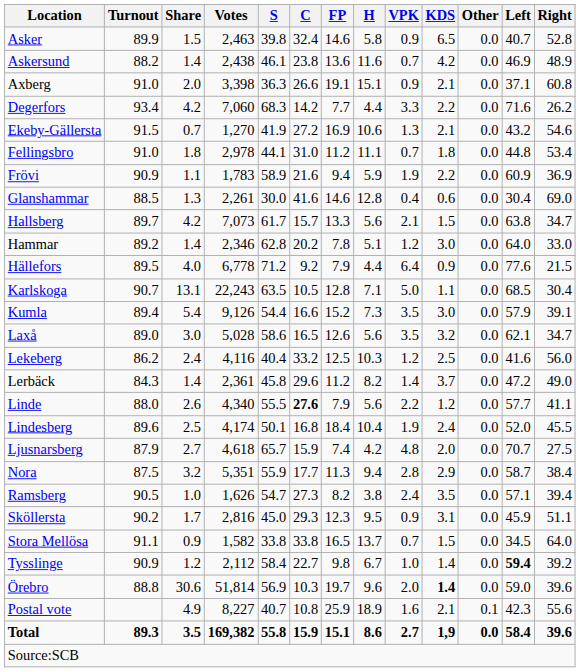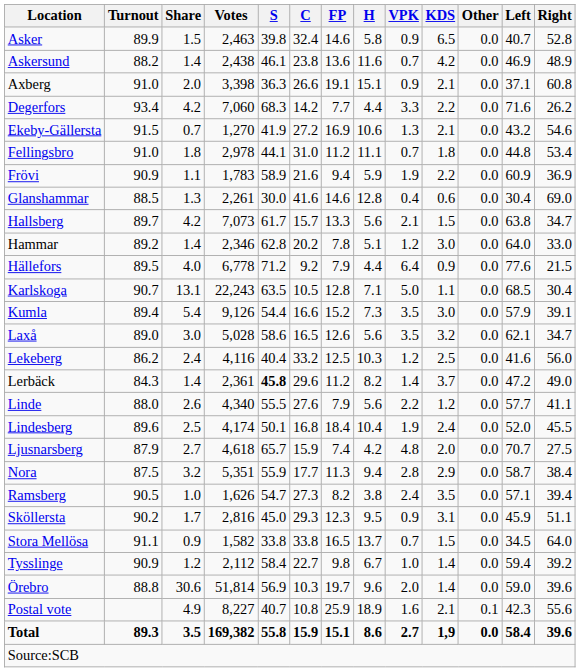 <table class="wikitable sortable" style=text-align:right>
 <tr>
 <th>Location</th>
 <th>Turnout</th>
 <th>Share</th>
 <th>Votes</th>
 <th><a href='#'>S</a></th>
 <th><a href='#'>C</a></th>
 <th><a href='#'>FP</a></th>
 <th><a href='#'>H</a></th>
 <th><a href='#'>VPK</a></th>
 <th><a href='#'>KDS</a></th>
 <th>Other</th>
 <th>Left</th>
 <th>Right</th>
 </tr>
 <tr>
 <td align=left><a href='#'>Asker</a></td>
 <td>89.9</td>
 <td>1.5</td>
 <td>2,463</td>
 <td>39.8</td>
 <td>32.4</td>
 <td>14.6</td>
 <td>5.8</td>
 <td>0.9</td>
 <td>6.5</td>
 <td>0.0</td>
 <td>40.7</td>
 <td>52.8</td>
 </tr>
 <tr>
 <td align=left><a href='#'>Askersund</a></td>
 <td>88.2</td>
 <td>1.4</td>
 <td>2,438</td>
 <td>46.1</td>
 <td>23.8</td>
 <td>13.6</td>
 <td>11.6</td>
 <td>0.7</td>
 <td>4.2</td>
 <td>0.0</td>
 <td>46.9</td>
 <td>48.9</td>
 </tr>
 <tr>
 <td align=left>Axberg</td>
 <td>91.0</td>
 <td>2.0</td>
 <td>3,398</td>
 <td>36.3</td>
 <td>26.6</td>
 <td>19.1</td>
 <td>15.1</td>
 <td>0.9</td>
 <td>2.1</td>
 <td>0.0</td>
 <td>37.1</td>
 <td>60.8</td>
 </tr>
 <tr>
 <td align=left><a href='#'>Degerfors</a></td>
 <td>93.4</td>
 <td>4.2</td>
 <td>7,060</td>
 <td>68.3</td>
 <td>14.2</td>
 <td>7.7</td>
 <td>4.4</td>
 <td>3.3</td>
 <td>2.2</td>
 <td>0.0</td>
 <td>71.6</td>
 <td>26.2</td>
 </tr>
 <tr>
 <td align=left><a href='#'>Ekeby-Gällersta</a></td>
 <td>91.5</td>
 <td>0.7</td>
 <td>1,270</td>
 <td>41.9</td>
 <td>27.2</td>
 <td>16.9</td>
 <td>10.6</td>
 <td>1.3</td>
 <td>2.1</td>
 <td>0.0</td>
 <td>43.2</td>
 <td>54.6</td>
 </tr>
 <tr>
 <td align=left><a href='#'>Fellingsbro</a></td>
 <td>91.0</td>
 <td>1.8</td>
 <td>2,978</td>
 <td>44.1</td>
 <td>31.0</td>
 <td>11.2</td>
 <td>11.1</td>
 <td>0.7</td>
 <td>1.8</td>
 <td>0.0</td>
 <td>44.8</td>
 <td>53.4</td>
 </tr>
 <tr>
 <td align=left><a href='#'>Frövi</a></td>
 <td>90.9</td>
 <td>1.1</td>
 <td>1,783</td>
 <td>58.9</td>
 <td>21.6</td>
 <td>9.4</td>
 <td>5.9</td>
 <td>1.9</td>
 <td>2.2</td>
 <td>0.0</td>
 <td>60.9</td>
 <td>36.9</td>
 </tr>
 <tr>
 <td align=left><a href='#'>Glanshammar</a></td>
 <td>88.5</td>
 <td>1.3</td>
 <td>2,261</td>
 <td>30.0</td>
 <td>41.6</td>
 <td>14.6</td>
 <td>12.8</td>
 <td>0.4</td>
 <td>0.6</td>
 <td>0.0</td>
 <td>30.4</td>
 <td>69.0</td>
 </tr>
 <tr>
 <td align=left><a href='#'>Hallsberg</a></td>
 <td>89.7</td>
 <td>4.2</td>
 <td>7,073</td>
 <td>61.7</td>
 <td>15.7</td>
 <td>13.3</td>
 <td>5.6</td>
 <td>2.1</td>
 <td>1.5</td>
 <td>0.0</td>
 <td>63.8</td>
 <td>34.7</td>
 </tr>
 <tr>
 <td align=left>Hammar</td>
 <td>89.2</td>
 <td>1.4</td>
 <td>2,346</td>
 <td>62.8</td>
 <td>20.2</td>
 <td>7.8</td>
 <td>5.1</td>
 <td>1.2</td>
 <td>3.0</td>
 <td>0.0</td>
 <td>64.0</td>
 <td>33.0</td>
 </tr>
 <tr>
 <td align=left><a href='#'>Hällefors</a></td>
 <td>89.5</td>
 <td>4.0</td>
 <td>6,778</td>
 <td>71.2</td>
 <td>9.2</td>
 <td>7.9</td>
 <td>4.4</td>
 <td>6.4</td>
 <td>0.9</td>
 <td>0.0</td>
 <td>77.6</td>
 <td>21.5</td>
 </tr>
 <tr>
 <td align=left><a href='#'>Karlskoga</a></td>
 <td>90.7</td>
 <td>13.1</td>
 <td>22,243</td>
 <td>63.5</td>
 <td>10.5</td>
 <td>12.8</td>
 <td>7.1</td>
 <td>5.0</td>
 <td>1.1</td>
 <td>0.0</td>
 <td>68.5</td>
 <td>30.4</td>
 </tr>
 <tr>
 <td align=left><a href='#'>Kumla</a></td>
 <td>89.4</td>
 <td>5.4</td>
 <td>9,126</td>
 <td>54.4</td>
 <td>16.6</td>
 <td>15.2</td>
 <td>7.3</td>
 <td>3.5</td>
 <td>3.0</td>
 <td>0.0</td>
 <td>57.9</td>
 <td>39.1</td>
 </tr>
 <tr>
 <td align=left><a href='#'>Laxå</a></td>
 <td>89.0</td>
 <td>3.0</td>
 <td>5,028</td>
 <td>58.6</td>
 <td>16.5</td>
 <td>12.6</td>
 <td>5.6</td>
 <td>3.5</td>
 <td>3.2</td>
 <td>0.0</td>
 <td>62.1</td>
 <td>34.7</td>
 </tr>
 <tr>
 <td align=left><a href='#'>Lekeberg</a></td>
 <td>86.2</td>
 <td>2.4</td>
 <td>4,116</td>
 <td>40.4</td>
 <td>33.2</td>
 <td>12.5</td>
 <td>10.3</td>
 <td>1.2</td>
 <td>2.5</td>
 <td>0.0</td>
 <td>41.6</td>
 <td>56.0</td>
 </tr>
 <tr>
 <td align=left>Lerbäck</td>
 <td>84.3</td>
 <td>1.4</td>
 <td>2,361</td>
-<td>45.8</td>
+<td><strong>45.8</strong></td>
 <td>29.6</td>
 <td>11.2</td>
 <td>8.2</td>
 <td>1.4</td>
 <td>3.7</td>
 <td>0.0</td>
 <td>47.2</td>
 <td>49.0</td>
 </tr>
 <tr>
 <td align=left><a href='#'>Linde</a></td>
 <td>88.0</td>
 <td>2.6</td>
 <td>4,340</td>
 <td>55.5</td>
-<td><strong>27.6</strong></td>
+<td>27.6</td>
 <td>7.9</td>
 <td>5.6</td>
 <td>2.2</td>
 <td>1.2</td>
 <td>0.0</td>
 <td>57.7</td>
 <td>41.1</td>
 </tr>
 <tr>
 <td align=left><a href='#'>Lindesberg</a></td>
 <td>89.6</td>
 <td>2.5</td>
 <td>4,174</td>
 <td>50.1</td>
 <td>16.8</td>
 <td>18.4</td>
 <td>10.4</td>
 <td>1.9</td>
 <td>2.4</td>
 <td>0.0</td>
 <td>52.0</td>
 <td>45.5</td>
 </tr>
 <tr>
 <td align=left><a href='#'>Ljusnarsberg</a></td>
 <td>87.9</td>
 <td>2.7</td>
 <td>4,618</td>
 <td>65.7</td>
 <td>15.9</td>
 <td>7.4</td>
 <td>4.2</td>
 <td>4.8</td>
 <td>2.0</td>
 <td>0.0</td>
 <td>70.7</td>
 <td>27.5</td>
 </tr>
 <tr>
 <td align=left><a href='#'>Nora</a></td>
 <td>87.5</td>
 <td>3.2</td>
 <td>5,351</td>
 <td>55.9</td>
 <td>17.7</td>
 <td>11.3</td>
 <td>9.4</td>
 <td>2.8</td>
 <td>2.9</td>
 <td>0.0</td>
 <td>58.7</td>
 <td>38.4</td>
 </tr>
 <tr>
 <td align=left><a href='#'>Ramsberg</a></td>
 <td>90.5</td>
 <td>1.0</td>
 <td>1,626</td>
 <td>54.7</td>
 <td>27.3</td>
 <td>8.2</td>
 <td>3.8</td>
 <td>2.4</td>
 <td>3.5</td>
 <td>0.0</td>
 <td>57.1</td>
 <td>39.4</td>
 </tr>
 <tr>
 <td align=left><a href='#'>Sköllersta</a></td>
 <td>90.2</td>
 <td>1.7</td>
 <td>2,816</td>
 <td>45.0</td>
 <td>29.3</td>
 <td>12.3</td>
 <td>9.5</td>
 <td>0.9</td>
 <td>3.1</td>
 <td>0.0</td>
 <td>45.9</td>
 <td>51.1</td>
 </tr>
 <tr>
 <td align=left><a href='#'>Stora Mellösa</a></td>
 <td>91.1</td>
 <td>0.9</td>
 <td>1,582</td>
 <td>33.8</td>
 <td>33.8</td>
 <td>16.5</td>
 <td>13.7</td>
 <td>0.7</td>
 <td>1.5</td>
 <td>0.0</td>
 <td>34.5</td>
 <td>64.0</td>
 </tr>
 <tr>
 <td align=left><a href='#'>Tysslinge</a></td>
 <td>90.9</td>
 <td>1.2</td>
 <td>2,112</td>
 <td>58.4</td>
 <td>22.7</td>
 <td>9.8</td>
 <td>6.7</td>
 <td>1.0</td>
 <td>1.4</td>
 <td>0.0</td>
-<td><strong>59.4</strong></td>
+<td>59.4</td>
 <td>39.2</td>
 </tr>
 <tr>
 <td align=left><a href='#'>Örebro</a></td>
 <td>88.8</td>
 <td>30.6</td>
 <td>51,814</td>
 <td>56.9</td>
 <td>10.3</td>
 <td>19.7</td>
 <td>9.6</td>
 <td>2.0</td>
-<td><strong>1.4</strong></td>
+<td>1.4</td>
 <td>0.0</td>
 <td>59.0</td>
 <td>39.6</td>
 </tr>
 <tr>
 <td align=left><a href='#'>Postal vote</a></td>
 <td></td>
 <td>4.9</td>
 <td>8,227</td>
 <td>40.7</td>
 <td>10.8</td>
 <td>25.9</td>
 <td>18.9</td>
 <td>1.6</td>
 <td>2.1</td>
 <td>0.1</td>
 <td>42.3</td>
 <td>55.6</td>
 </tr>
 <tr>
 <td align=left><strong>Total</strong></td>
 <td><strong>89.3</strong></td>
 <td><strong>3.5</strong></td>
 <td><strong>169,382</strong></td>
 <td><strong>55.8</strong></td>
 <td><strong>15.9</strong></td>
 <td><strong>15.1</strong></td>
 <td><strong>8.6</strong></td>
 <td><strong>2.7</strong></td>
 <td><strong>1,9</strong></td>
 <td><strong>0.0</strong></td>
 <td><strong>58.4</strong></td>
 <td><strong>39.6</strong></td>
 </tr>
 <tr>
 <td align=left colspan=13>Source:SCB </td>
 </tr>
 </table>
